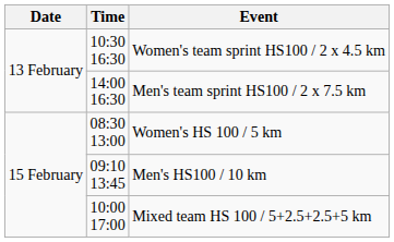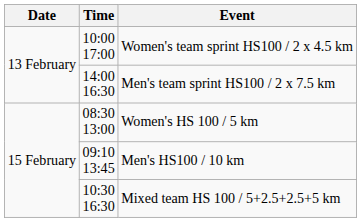 <table class="wikitable">
 <tr>
 <th>Date</th>
 <th>Time</th>
 <th>Event</th>
 </tr>
 <tr>
 <td rowspan=2>13 February</td>
-<td>10:30<br>16:30</td>
+<td>10:00<br>17:00</td>
 <td>Women's team sprint HS100 / 2 x 4.5 km</td>
 </tr>
 <tr>
 <td>14:00<br>16:30</td>
 <td>Men's team sprint HS100 / 2 x 7.5 km</td>
 </tr>
 <tr>
 <td rowspan=3>15 February</td>
 <td>08:30<br>13:00</td>
 <td>Women's HS 100 / 5 km</td>
 </tr>
 <tr>
 <td>09:10<br>13:45</td>
 <td>Men's HS100 / 10 km</td>
 </tr>
 <tr>
-<td>10:00<br>17:00</td>
+<td>10:30<br>16:30</td>
 <td>Mixed team HS 100 / 5+2.5+2.5+5 km</td>
 </tr>
 </table>
